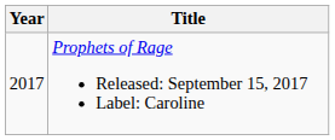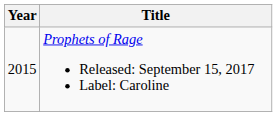 <table class="wikitable">
 <tr>
 <th>Year</th>
 <th style="width:250px;">Title</th>
 </tr>
 <tr>
-<td>2017</td>
+<td>2015</td>
 <td><em><a href='#'>Prophets of Rage</a></em><br><ul><li>Released: September 15, 2017</li><li>Label: Caroline</li></ul></td>
 </tr>
 </table>
